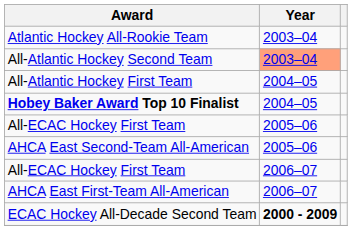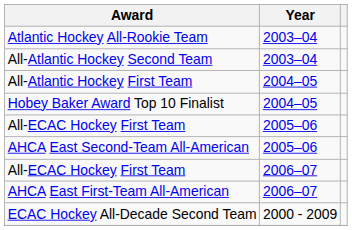 <table class="wikitable">
 <tr>
 <th>Award</th>
 <th>Year</th>
 <th></th>
 </tr>
 <tr>
 <td><a href='#'>Atlantic Hockey</a> <a href='#'>All-Rookie Team</a></td>
 <td><a href='#'>2003–04</a></td>
 <td></td>
 </tr>
 <tr>
 <td>All-<a href='#'>Atlantic Hockey</a> <a href='#'>Second Team</a></td>
-<td style="background: lightsalmon;"><a href='#'>2003–04</a></td>
+<td><a href='#'>2003–04</a></td>
 <td></td>
 </tr>
 <tr>
 <td>All-<a href='#'>Atlantic Hockey</a> <a href='#'>First Team</a></td>
 <td><a href='#'>2004–05</a></td>
 <td></td>
 </tr>
 <tr>
-<td><strong><a href='#'>Hobey Baker Award</a> Top 10 Finalist</strong></td>
+<td><a href='#'>Hobey Baker Award</a> Top 10 Finalist</td>
 <td><a href='#'>2004–05</a></td>
 <td></td>
 </tr>
 <tr>
 <td>All-<a href='#'>ECAC Hockey</a> <a href='#'>First Team</a></td>
 <td><a href='#'>2005–06</a></td>
 <td></td>
 </tr>
 <tr>
 <td><a href='#'>AHCA</a> <a href='#'>East Second-Team All-American</a></td>
 <td><a href='#'>2005–06</a></td>
 <td></td>
 </tr>
 <tr>
 <td>All-<a href='#'>ECAC Hockey</a> <a href='#'>First Team</a></td>
 <td><a href='#'>2006–07</a></td>
 <td></td>
 </tr>
 <tr>
 <td><a href='#'>AHCA</a> <a href='#'>East First-Team All-American</a></td>
 <td><a href='#'>2006–07</a></td>
 <td></td>
 </tr>
 <tr>
 <td><a href='#'>ECAC Hockey</a> All-Decade Second Team</td>
-<td><strong>2000 - 2009</strong></td>
+<td>2000 - 2009</td>
 <td></td>
 </tr>
 <tr>
 </tr>
 </table>
